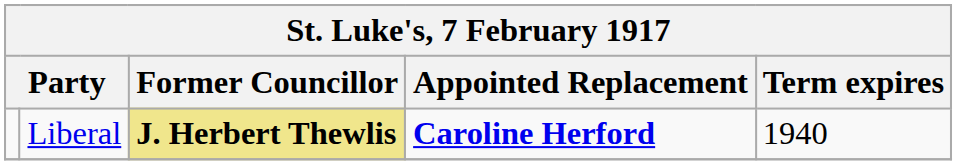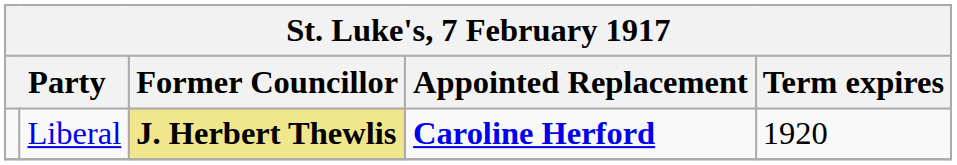 <table class="wikitable">
 <tr>
 <th colspan="5"><strong>St. Luke's, 7 February 1917</strong></th>
 </tr>
 <tr>
 <th colspan="2">Party</th>
 <th>Former Councillor</th>
 <th>Appointed Replacement</th>
 <th>Term expires</th>
 </tr>
 <tr>
 <td style="background-color:"></td>
 <td><a href='#'>Liberal</a></td>
 <td style="background: khaki;"><strong>J. Herbert Thewlis</strong></td>
 <td><strong><a href='#'>Caroline Herford</a></strong></td>
-<td>1940</td>
+<td>1920</td>
 </tr>
 <tr>
 </tr>
 </table>
